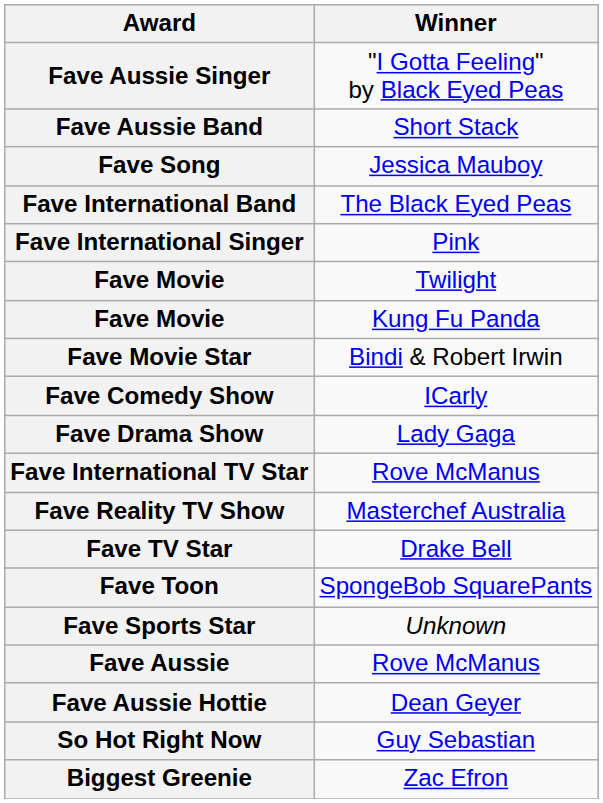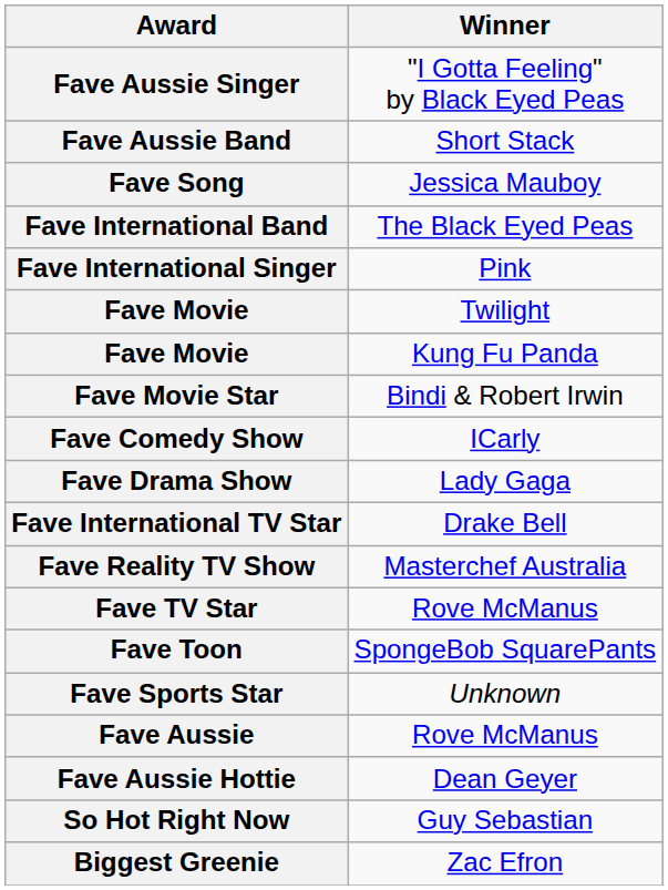 <table class="wikitable plainrowheaders" style="text-align: center;">
 <tr>
 <th scope="col">Award</th>
 <th scope="col">Winner</th>
 </tr>
 <tr>
 <th>Fave Aussie Singer</th>
 <td>"<a href='#'>I Gotta Feeling</a>"<br>by <a href='#'>Black Eyed Peas</a></td>
 </tr>
 <tr>
 <th>Fave Aussie Band</th>
 <td><a href='#'>Short Stack</a></td>
 </tr>
 <tr>
 <th>Fave Song</th>
 <td><a href='#'>Jessica Mauboy</a></td>
 </tr>
 <tr>
 <th>Fave International Band</th>
 <td><a href='#'>The Black Eyed Peas</a></td>
 </tr>
 <tr>
 <th>Fave International Singer</th>
 <td><a href='#'>Pink</a></td>
 </tr>
 <tr>
 <th>Fave Movie</th>
 <td><a href='#'>Twilight</a></td>
 </tr>
 <tr>
 <th>Fave Movie</th>
 <td><a href='#'>Kung Fu Panda</a></td>
 </tr>
 <tr>
 <th>Fave Movie Star</th>
 <td><a href='#'>Bindi</a> & Robert Irwin</td>
 </tr>
 <tr>
 <th>Fave Comedy Show</th>
 <td><a href='#'>ICarly</a></td>
 </tr>
 <tr>
 <th>Fave Drama Show</th>
 <td><a href='#'>Lady Gaga</a></td>
 </tr>
 <tr>
 <th>Fave International TV Star</th>
-<td><a href='#'>Rove McManus</a></td>
+<td><a href='#'>Drake Bell</a></td>
 </tr>
 <tr>
 <th>Fave Reality TV Show</th>
 <td><a href='#'>Masterchef Australia</a></td>
 </tr>
 <tr>
 <th>Fave TV Star</th>
-<td><a href='#'>Drake Bell</a></td>
+<td><a href='#'>Rove McManus</a></td>
 </tr>
 <tr>
 <th>Fave Toon</th>
 <td><a href='#'>SpongeBob SquarePants</a></td>
 </tr>
 <tr>
 <th>Fave Sports Star</th>
 <td><em>Unknown</em></td>
 </tr>
 <tr>
 <th>Fave Aussie</th>
 <td><a href='#'>Rove McManus</a></td>
 </tr>
 <tr>
 <th>Fave Aussie Hottie</th>
 <td><a href='#'>Dean Geyer</a></td>
 </tr>
 <tr>
 <th>So Hot Right Now</th>
 <td><a href='#'>Guy Sebastian</a></td>
 </tr>
 <tr>
 <th>Biggest Greenie</th>
 <td><a href='#'>Zac Efron</a></td>
 </tr>
 </table>
